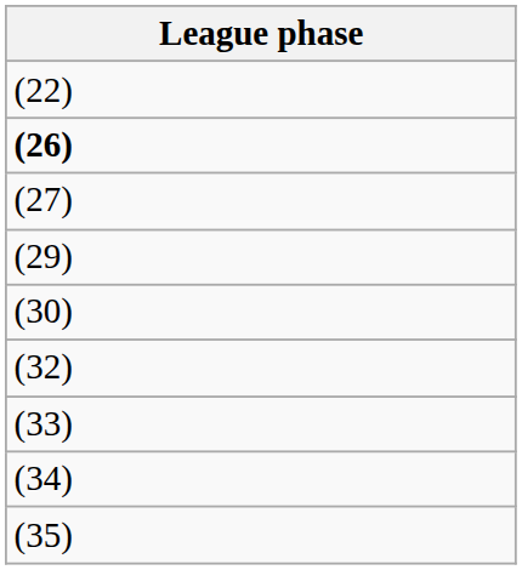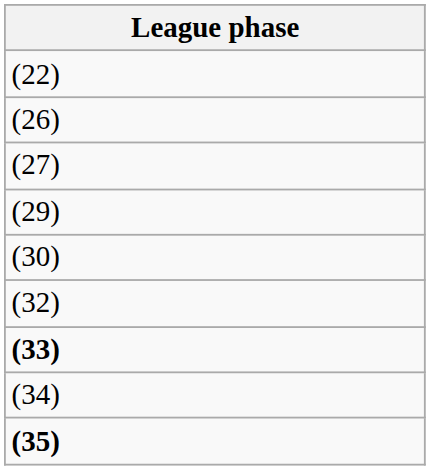 <table class="wikitable">
 <tr>
 <th width=225>League phase</th>
 </tr>
 <tr>
 <td> (22)</td>
 </tr>
 <tr>
-<td><strong> (26)</strong></td>
+<td> (26)</td>
 </tr>
 <tr>
 <td> (27)</td>
 </tr>
 <tr>
 <td> (29)</td>
 </tr>
 <tr>
 <td> (30)</td>
 </tr>
 <tr>
 <td> (32)</td>
 </tr>
 <tr>
-<td> (33)</td>
+<td><strong> (33)</strong></td>
 </tr>
 <tr>
 <td> (34)</td>
 </tr>
 <tr>
-<td> (35)</td>
+<td><strong> (35)</strong></td>
 </tr>
 </table>
